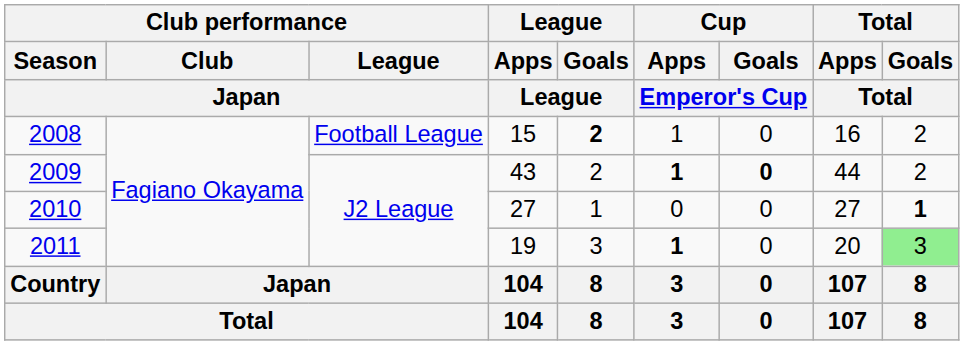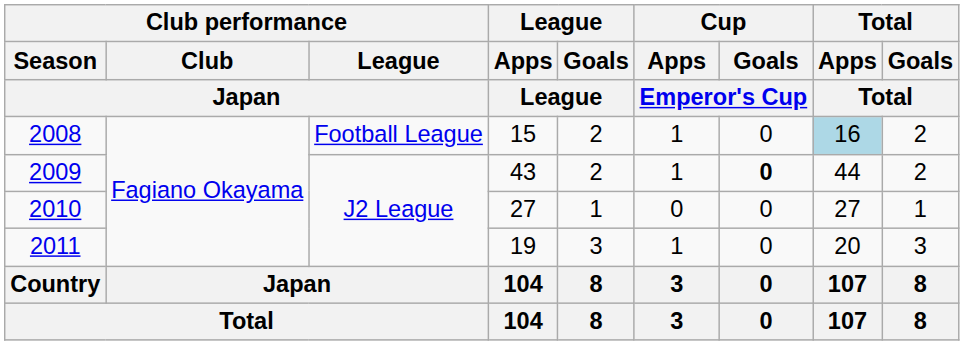 <table class="wikitable" style="text-align:center;">
 <tr>
 <th colspan=3>Club performance</th>
 <th colspan=2>League</th>
 <th colspan=2>Cup</th>
 <th colspan=2>Total</th>
 </tr>
 <tr>
 <th>Season</th>
 <th>Club</th>
 <th>League</th>
 <th>Apps</th>
 <th>Goals</th>
 <th>Apps</th>
 <th>Goals</th>
 <th>Apps</th>
 <th>Goals</th>
 </tr>
 <tr>
 <th colspan=3>Japan</th>
 <th colspan=2>League</th>
 <th colspan=2><a href='#'>Emperor's Cup</a></th>
 <th colspan=2>Total</th>
 </tr>
 <tr>
 <td><a href='#'>2008</a></td>
 <td rowspan="4"><a href='#'>Fagiano Okayama</a></td>
 <td><a href='#'>Football League</a></td>
 <td>15</td>
-<td><strong>2</strong></td>
+<td>2</td>
 <td>1</td>
 <td>0</td>
-<td>16</td>
+<td style="background: lightblue;">16</td>
 <td>2</td>
 </tr>
 <tr>
 <td><a href='#'>2009</a></td>
 <td rowspan="3"><a href='#'>J2 League</a></td>
 <td>43</td>
 <td>2</td>
-<td><strong>1</strong></td>
+<td>1</td>
 <td><strong>0</strong></td>
 <td>44</td>
 <td>2</td>
 </tr>
 <tr>
 <td><a href='#'>2010</a></td>
 <td>27</td>
 <td>1</td>
 <td>0</td>
 <td>0</td>
 <td>27</td>
-<td><strong>1</strong></td>
+<td>1</td>
 </tr>
 <tr>
 <td><a href='#'>2011</a></td>
 <td>19</td>
 <td>3</td>
-<td><strong>1</strong></td>
+<td>1</td>
 <td>0</td>
 <td>20</td>
-<td style="background: lightgreen;">3</td>
+<td>3</td>
 </tr>
 <tr>
 <th rowspan=1>Country</th>
 <th colspan=2>Japan</th>
 <th>104</th>
 <th>8</th>
 <th>3</th>
 <th>0</th>
 <th>107</th>
 <th>8</th>
 </tr>
 <tr>
 <th colspan=3>Total</th>
 <th>104</th>
 <th>8</th>
 <th>3</th>
 <th>0</th>
 <th>107</th>
 <th>8</th>
 </tr>
 </table>
